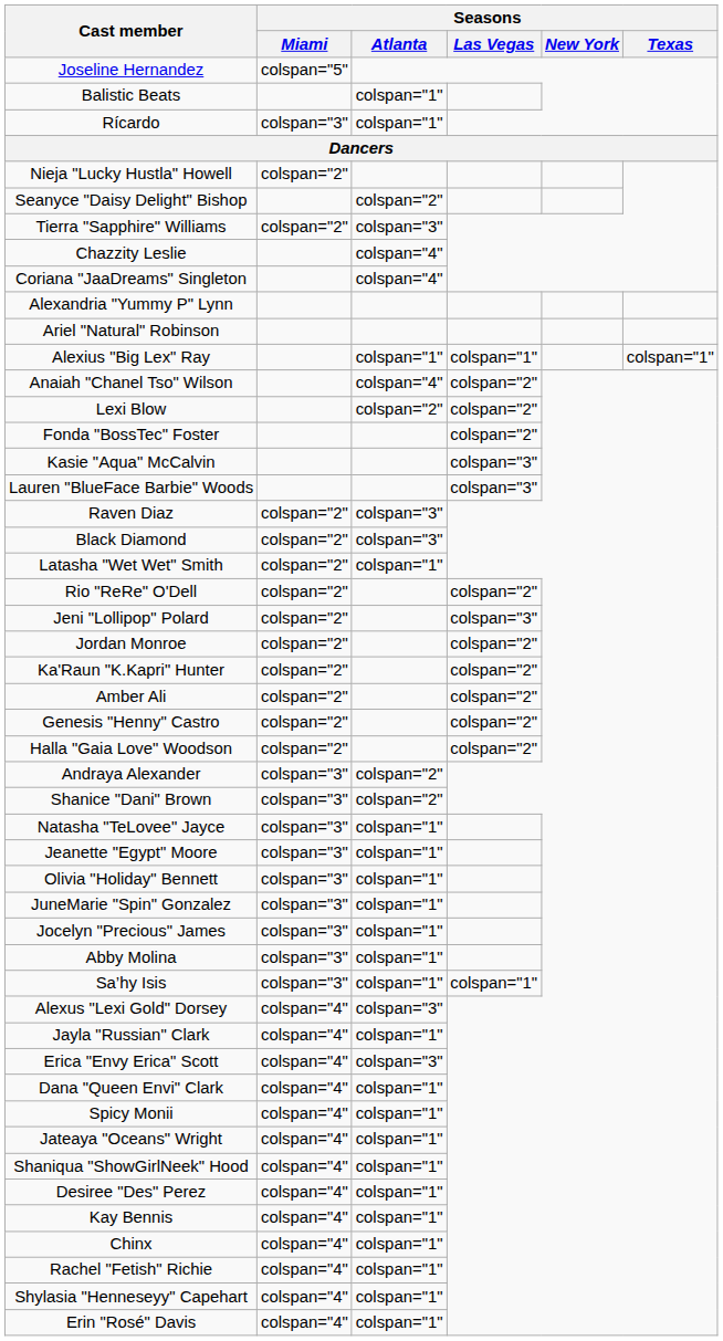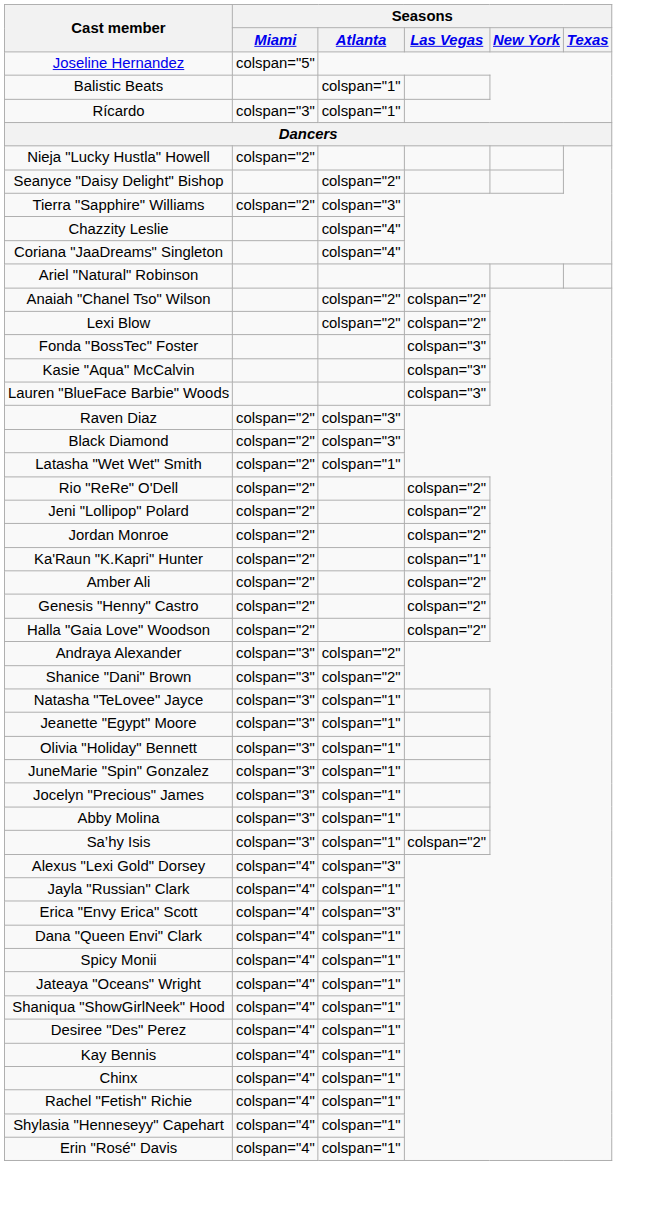 <table class="wikitable plainrowheaders" style="text-align:center;">
 <tr>
 <th scope="col" rowspan="2">Cast member</th>
 <th scope="col" colspan="5">Seasons</th>
 </tr>
 <tr>
 <th scope="col"><em><a href='#'>Miami</a></em></th>
 <th scope="col"><em><a href='#'>Atlanta</a></em></th>
 <th scope="col"><em><a href='#'>Las Vegas</a></em></th>
 <th scope="col"><em><a href='#'>New York</a></em></th>
 <th scope="col"><em><a href='#'>Texas</a></em></th>
 </tr>
 <tr>
 <td scope="row"><a href='#'>Joseline Hernandez</a></td>
 <td>colspan="5" </td>
 </tr>
 <tr>
 <td scope="row">Balistic Beats</td>
 <td></td>
 <td>colspan="1" </td>
 <td></td>
 </tr>
 <tr>
 <td scope="row">Rícardo</td>
 <td>colspan="3" </td>
 <td>colspan="1" </td>
 </tr>
 <tr>
 <th scope="col" colspan="6"><em>Dancers</em></th>
 </tr>
 <tr>
 <td scope="row">Nieja "Lucky Hustla" Howell</td>
 <td>colspan="2" </td>
 <td></td>
 <td></td>
 <td></td>
 </tr>
 <tr>
 <td scope="row">Seanyce "Daisy Delight" Bishop</td>
 <td></td>
 <td>colspan="2" </td>
 <td></td>
 <td></td>
 </tr>
 <tr>
 <td scope="row">Tierra "Sapphire" Williams</td>
 <td>colspan="2" </td>
 <td>colspan="3" </td>
 </tr>
 <tr>
 <td scope="row">Chazzity Leslie</td>
 <td></td>
 <td>colspan="4"  </td>
 </tr>
 <tr>
 <td scope="row">Coriana "JaaDreams" Singleton</td>
 <td></td>
 <td>colspan="4" </td>
 </tr>
 <tr>
-<td scope="row">Alexandria "Yummy P" Lynn</td>
-<td></td>
-<td></td>
-<td></td>
-<td></td>
-<td></td>
-</tr>
-<tr>
 <td scope="row">Ariel "Natural" Robinson</td>
 <td></td>
 <td></td>
 <td></td>
 <td></td>
 <td></td>
 </tr>
 <tr>
-<td scope="row">Alexius "Big Lex" Ray</td>
-<td></td>
-<td>colspan="1" </td>
-<td>colspan="1" </td>
-<td></td>
-<td>colspan="1" </td>
-</tr>
-<tr>
 <td scope="row">Anaiah "Chanel Tso" Wilson</td>
 <td></td>
-<td>colspan="4" </td>
+<td>colspan="2" </td>
 <td>colspan="2" </td>
 </tr>
 <tr>
 <td scope="row">Lexi Blow</td>
 <td></td>
 <td>colspan="2" </td>
 <td>colspan="2" </td>
 </tr>
 <tr>
 <td scope="row">Fonda "BossTec" Foster</td>
 <td></td>
 <td></td>
-<td>colspan="2" </td>
+<td>colspan="3" </td>
 </tr>
 <tr>
 <td scope="row">Kasie "Aqua" McCalvin</td>
 <td></td>
 <td></td>
 <td>colspan="3" </td>
 </tr>
 <tr>
 <td scope="row">Lauren "BlueFace Barbie" Woods</td>
 <td></td>
 <td></td>
 <td>colspan="3" </td>
 </tr>
 <tr>
 <td scope="row">Raven Diaz</td>
 <td>colspan="2" </td>
 <td>colspan="3" </td>
 </tr>
 <tr>
 <td scope="row">Black Diamond</td>
 <td>colspan="2" </td>
 <td>colspan="3" </td>
 </tr>
 <tr>
 <td scope="row">Latasha "Wet Wet" Smith</td>
 <td>colspan="2" </td>
 <td>colspan="1" </td>
 </tr>
 <tr>
 <td scope="row">Rio "ReRe" O'Dell</td>
 <td>colspan="2" </td>
 <td></td>
 <td>colspan="2" </td>
 </tr>
 <tr>
 <td scope="row">Jeni "Lollipop" Polard</td>
 <td>colspan="2" </td>
 <td></td>
-<td>colspan="3" </td>
+<td>colspan="2" </td>
 </tr>
 <tr>
 <td scope="row">Jordan Monroe</td>
 <td>colspan="2" </td>
 <td></td>
 <td>colspan="2" </td>
 </tr>
 <tr>
 <td scope="row">Ka'Raun "K.Kapri" Hunter</td>
 <td>colspan="2" </td>
 <td></td>
-<td>colspan="2" </td>
+<td>colspan="1" </td>
 </tr>
 <tr>
 <td scope="row">Amber Ali</td>
 <td>colspan="2" </td>
 <td></td>
 <td>colspan="2" </td>
 </tr>
 <tr>
 <td scope="row">Genesis "Henny" Castro</td>
 <td>colspan="2" </td>
 <td></td>
 <td>colspan="2" </td>
 </tr>
 <tr>
 <td scope="row">Halla "Gaia Love" Woodson</td>
 <td>colspan="2" </td>
 <td></td>
 <td>colspan="2" </td>
 </tr>
 <tr>
 <td scope="row">Andraya Alexander</td>
 <td>colspan="3" </td>
 <td>colspan="2" </td>
 </tr>
 <tr>
 <td scope="row">Shanice "Dani" Brown</td>
 <td>colspan="3" </td>
 <td>colspan="2" </td>
 </tr>
 <tr>
 <td scope="row">Natasha "TeLovee" Jayce</td>
 <td>colspan="3" </td>
 <td>colspan="1" </td>
 <td></td>
 </tr>
 <tr>
 <td scope="row">Jeanette "Egypt" Moore</td>
 <td>colspan="3" </td>
 <td>colspan="1" </td>
 <td></td>
 </tr>
 <tr>
 <td scope="row">Olivia "Holiday" Bennett</td>
 <td>colspan="3" </td>
 <td>colspan="1" </td>
 <td></td>
 </tr>
 <tr>
 <td scope="row">JuneMarie "Spin" Gonzalez</td>
 <td>colspan="3" </td>
 <td>colspan="1" </td>
 <td></td>
 </tr>
 <tr>
 <td scope="row">Jocelyn "Precious" James</td>
 <td>colspan="3" </td>
 <td>colspan="1" </td>
 <td></td>
 </tr>
 <tr>
 <td scope="row">Abby Molina</td>
 <td>colspan="3" </td>
 <td>colspan="1" </td>
 <td></td>
 </tr>
 <tr>
 <td scope="row">Sa’hy Isis</td>
 <td>colspan="3" </td>
 <td>colspan="1" </td>
-<td>colspan="1" </td>
+<td>colspan="2" </td>
 </tr>
 <tr>
 <td scope="row">Alexus "Lexi Gold" Dorsey</td>
 <td>colspan="4" </td>
 <td>colspan="3" </td>
 </tr>
 <tr>
 <td scope="row">Jayla "Russian" Clark</td>
 <td>colspan="4" </td>
 <td>colspan="1" </td>
 </tr>
 <tr>
 <td scope="row">Erica "Envy Erica" Scott</td>
 <td>colspan="4" </td>
 <td>colspan="3" </td>
 </tr>
 <tr>
 <td scope="row">Dana "Queen Envi" Clark</td>
 <td>colspan="4" </td>
 <td>colspan="1" </td>
 </tr>
 <tr>
 <td scope="row">Spicy Monii</td>
 <td>colspan="4" </td>
 <td>colspan="1" </td>
 </tr>
 <tr>
 <td scope="row">Jateaya "Oceans" Wright</td>
 <td>colspan="4" </td>
 <td>colspan="1" </td>
 </tr>
 <tr>
 <td scope="row">Shaniqua "ShowGirlNeek" Hood</td>
 <td>colspan="4" </td>
 <td>colspan="1" </td>
 </tr>
 <tr>
 <td scope="row">Desiree "Des" Perez</td>
 <td>colspan="4" </td>
 <td>colspan="1" </td>
 </tr>
 <tr>
 <td scope="row">Kay Bennis</td>
 <td>colspan="4" </td>
 <td>colspan="1" </td>
 </tr>
 <tr>
 <td scope="row">Chinx</td>
 <td>colspan="4" </td>
 <td>colspan="1" </td>
 </tr>
 <tr>
 <td scope="row">Rachel "Fetish" Richie</td>
 <td>colspan="4" </td>
 <td>colspan="1" </td>
 </tr>
 <tr>
 <td scope="row">Shylasia "Henneseyy" Capehart</td>
 <td>colspan="4" </td>
 <td>colspan="1" </td>
 </tr>
 <tr>
 <td scope="row">Erin "Rosé" Davis</td>
 <td>colspan="4" </td>
 <td>colspan="1" </td>
 </tr>
 </table>
